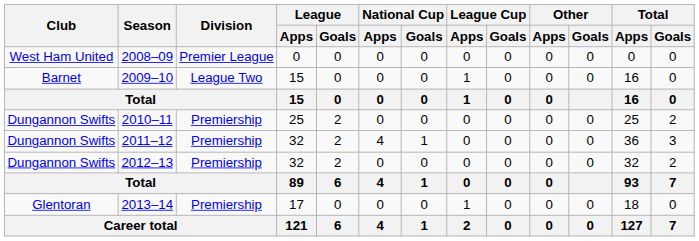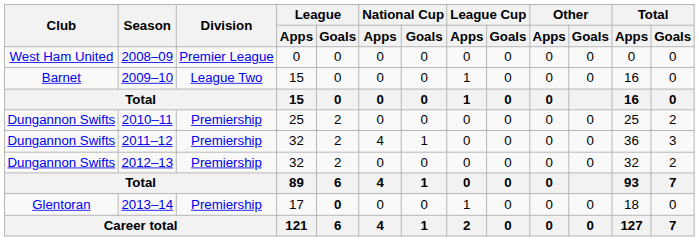 <table class="wikitable" style="text-align:center;">
 <tr>
 <th rowspan="2">Club</th>
 <th rowspan="2">Season</th>
 <th rowspan="2">Division</th>
 <th colspan="2">League</th>
 <th colspan="2">National Cup</th>
 <th colspan="2">League Cup</th>
 <th colspan="2">Other</th>
 <th colspan="2">Total</th>
 </tr>
 <tr>
 <th>Apps</th>
 <th>Goals</th>
 <th>Apps</th>
 <th>Goals</th>
 <th>Apps</th>
 <th>Goals</th>
 <th>Apps</th>
 <th>Goals</th>
 <th>Apps</th>
 <th>Goals</th>
 </tr>
 <tr>
 <td><a href='#'>West Ham United</a></td>
 <td><a href='#'>2008–09</a></td>
 <td><a href='#'>Premier League</a></td>
 <td>0</td>
 <td>0</td>
 <td>0</td>
 <td>0</td>
 <td>0</td>
 <td>0</td>
 <td>0</td>
 <td>0</td>
 <td>0</td>
 <td>0</td>
 </tr>
 <tr>
 <td><a href='#'>Barnet</a></td>
 <td><a href='#'>2009–10</a></td>
 <td><a href='#'>League Two</a></td>
 <td>15</td>
 <td>0</td>
 <td>0</td>
 <td>0</td>
 <td>1</td>
 <td>0</td>
 <td>0</td>
 <td>0</td>
 <td>16</td>
 <td>0</td>
 </tr>
 <tr>
 <th colspan="3">Total</th>
 <th>15</th>
 <th>0</th>
 <th>0</th>
 <th>0</th>
 <th>1</th>
 <th>0</th>
 <th>0</th>
 <th 0></th>
 <th>16</th>
 <th>0</th>
 </tr>
 <tr>
 <td><a href='#'>Dungannon Swifts</a></td>
 <td><a href='#'>2010–11</a></td>
 <td><a href='#'>Premiership</a></td>
 <td>25</td>
 <td>2</td>
 <td>0</td>
 <td>0</td>
 <td>0</td>
 <td>0</td>
 <td>0</td>
 <td>0</td>
 <td>25</td>
 <td>2</td>
 </tr>
 <tr>
 <td><a href='#'>Dungannon Swifts</a></td>
 <td><a href='#'>2011–12</a></td>
 <td><a href='#'>Premiership</a></td>
 <td>32</td>
 <td>2</td>
 <td>4</td>
 <td>1</td>
 <td>0</td>
 <td>0</td>
 <td>0</td>
 <td>0</td>
 <td>36</td>
 <td>3</td>
 </tr>
 <tr>
 <td><a href='#'>Dungannon Swifts</a></td>
 <td><a href='#'>2012–13</a></td>
 <td><a href='#'>Premiership</a></td>
 <td>32</td>
 <td>2</td>
 <td>0</td>
 <td>0</td>
 <td>0</td>
 <td>0</td>
 <td>0</td>
 <td>0</td>
 <td>32</td>
 <td>2</td>
 </tr>
 <tr>
 <th colspan="3">Total</th>
 <th>89</th>
 <th>6</th>
 <th>4</th>
 <th>1</th>
 <th>0</th>
 <th>0</th>
 <th>0</th>
 <th 0></th>
 <th>93</th>
 <th>7</th>
 </tr>
 <tr>
 <td><a href='#'>Glentoran</a></td>
 <td><a href='#'>2013–14</a></td>
 <td><a href='#'>Premiership</a></td>
 <td>17</td>
-<td>0</td>
+<td><strong>0</strong></td>
 <td>0</td>
 <td>0</td>
 <td>1</td>
 <td>0</td>
 <td>0</td>
 <td>0</td>
 <td>18</td>
 <td>0</td>
 </tr>
 <tr>
 <th colspan="3">Career total</th>
 <th>121</th>
 <th>6</th>
 <th>4</th>
 <th>1</th>
 <th>2</th>
 <th>0</th>
 <th>0</th>
 <th>0</th>
 <th>127</th>
 <th>7</th>
 </tr>
 </table>
